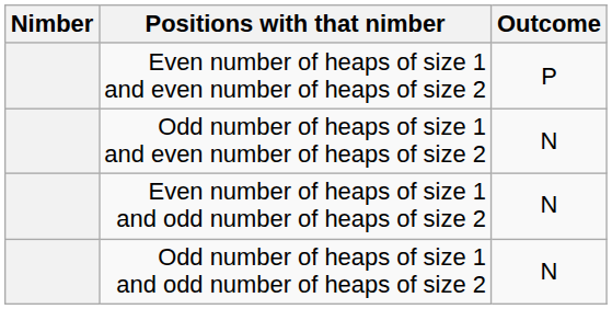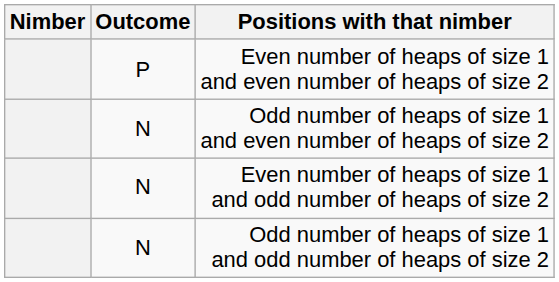 <table class=wikitable>
 <tr>
 <th>Nimber</th>
+<th>Outcome</th>
 <th>Positions with that nimber</th>
-<th>Outcome</th>
 </tr>
 <tr>
 <th></th>
+<td style="text-align:center">P</td>
 <td style="text-align:right">Even number of heaps of size 1<br>and even number of heaps of size 2</td>
-<td style="text-align:center">P</td>
 </tr>
 <tr>
 <th></th>
+<td style="text-align:center">N</td>
 <td style="text-align:right">Odd number of heaps of size 1<br>and even number of heaps of size 2</td>
-<td style="text-align:center">N</td>
 </tr>
 <tr>
 <th></th>
+<td style="text-align:center">N</td>
 <td style="text-align:right">Even number of heaps of size 1<br>and odd number of heaps of size 2</td>
-<td style="text-align:center">N</td>
 </tr>
 <tr>
 <th></th>
+<td style="text-align:center">N</td>
 <td style="text-align:right">Odd number of heaps of size 1<br>and odd number of heaps of size 2</td>
-<td style="text-align:center">N</td>
 </tr>
 </table>
